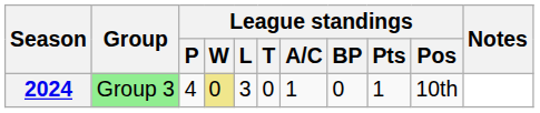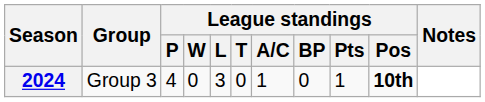 <table class="wikitable sortable">
 <tr>
 <th scope="col" rowspan="2">Season</th>
 <th scope="col" rowspan="2">Group</th>
 <th scope="col" colspan="8">League standings</th>
 <th scope="col" rowspan="2">Notes</th>
 </tr>
 <tr>
 <th scope="col">P</th>
 <th scope="col">W</th>
 <th scope="col">L</th>
 <th scope="col">T</th>
 <th scope="col">A/C</th>
 <th scope="col">BP</th>
 <th scope="col">Pts</th>
 <th scope="col">Pos</th>
 </tr>
 <tr>
 <th scope="row"><a href='#'>2024</a></th>
-<td style="background: lightgreen;">Group 3</td>
+<td>Group 3</td>
 <td>4</td>
-<td style="background: khaki;">0</td>
+<td>0</td>
 <td>3</td>
 <td>0</td>
 <td>1</td>
 <td>0</td>
 <td>1</td>
-<td>10th</td>
+<td><strong>10th</strong></td>
 <td style="background: white;"></td>
 </tr>
 </table>
